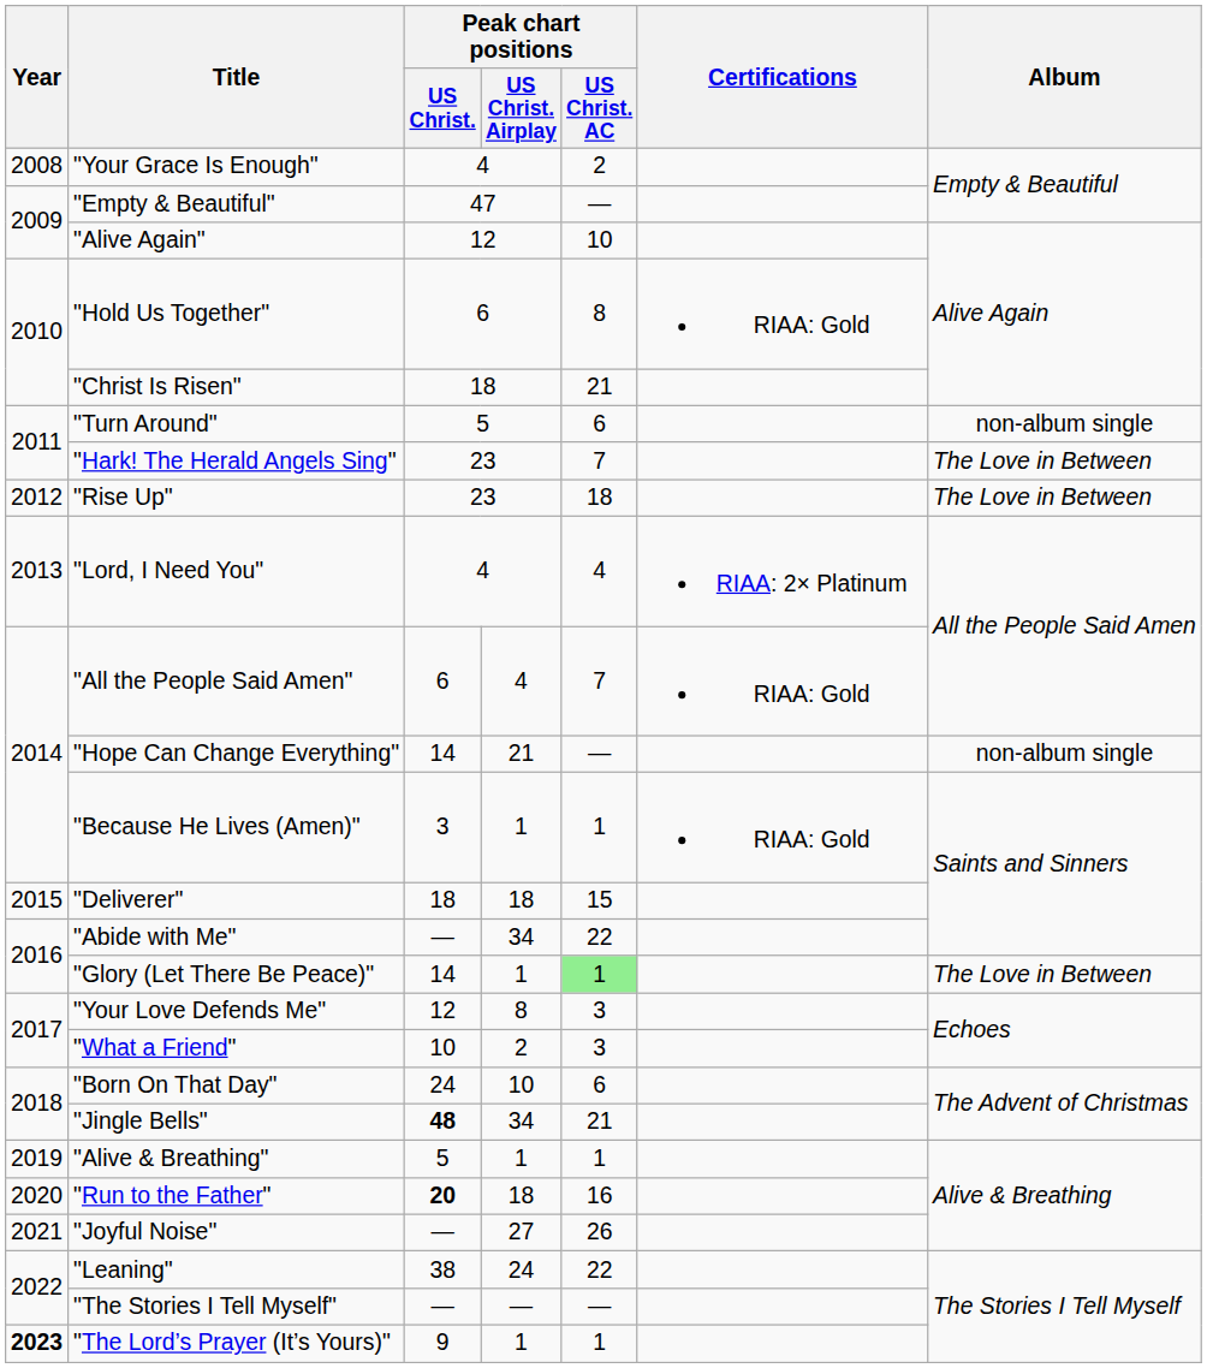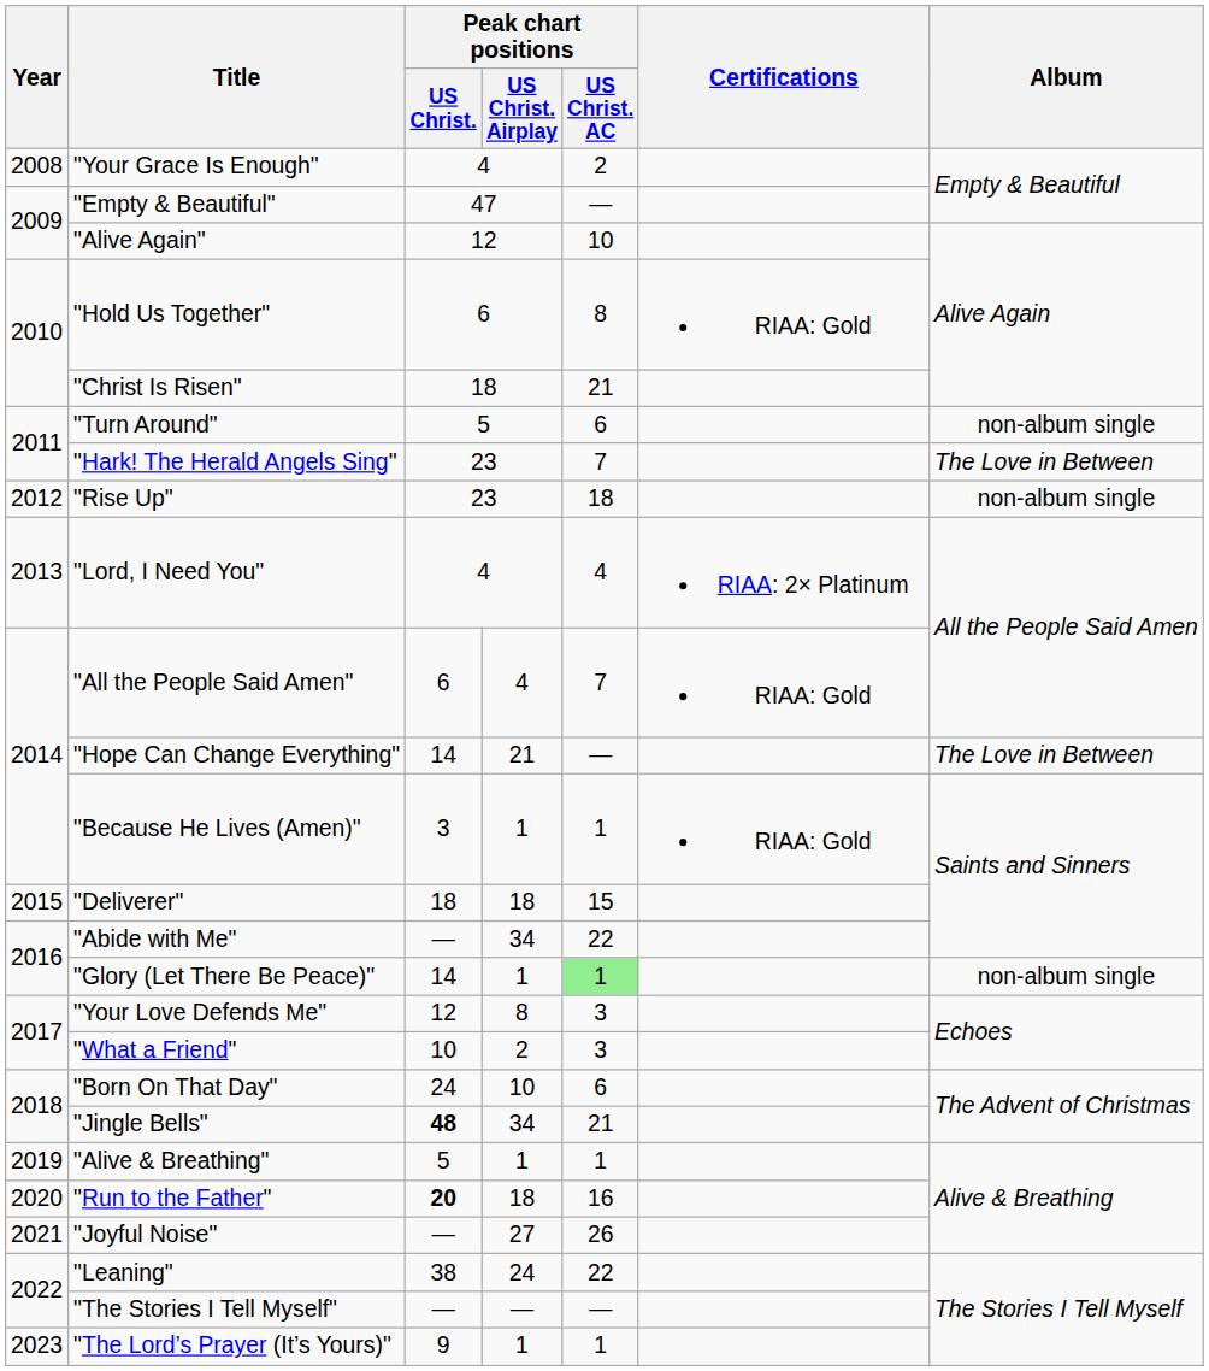 <table class="wikitable" style="text-align:center">
 <tr>
 <th rowspan="2">Year</th>
 <th rowspan="2">Title</th>
 <th colspan="3">Peak chart positions</th>
 <th scope="col" rowspan="2" style="width:12em;"><a href='#'>Certifications</a></th>
 <th rowspan="2">Album</th>
 </tr>
 <tr>
 <th scope="col" style="width:3em;font-size:90%;"><a href='#'>US<br>Christ.</a><br></th>
 <th scope="col" style="width:3em;font-size:90%;"><a href='#'>US<br>Christ.<br>Airplay</a><br></th>
 <th scope="col" style="width:3em;font-size:90%;"><a href='#'>US<br>Christ. AC</a><br></th>
 </tr>
 <tr>
 <td>2008</td>
 <td style="text-align:left">"Your Grace Is Enough"</td>
 <td colspan="2">4</td>
 <td>2</td>
 <td></td>
 <td rowspan="2" style="text-align:left"><em>Empty & Beautiful</em></td>
 </tr>
 <tr>
 <td rowspan="2">2009</td>
 <td style="text-align:left">"Empty & Beautiful"</td>
 <td colspan="2">47</td>
 <td>—</td>
 <td></td>
 </tr>
 <tr>
 <td style="text-align:left">"Alive Again"</td>
 <td colspan="2">12</td>
 <td>10</td>
 <td></td>
 <td rowspan="3" style="text-align:left"><em>Alive Again</em></td>
 </tr>
 <tr>
 <td rowspan="2">2010</td>
 <td style="text-align:left">"Hold Us Together"</td>
 <td colspan="2">6</td>
 <td>8</td>
 <td><br><ul><li>RIAA: Gold</li></ul></td>
 </tr>
 <tr>
 <td style="text-align:left">"Christ Is Risen"</td>
 <td colspan="2">18</td>
 <td>21</td>
 <td></td>
 </tr>
 <tr>
 <td rowspan="2">2011</td>
 <td style="text-align:left">"Turn Around"</td>
 <td colspan="2">5</td>
 <td>6</td>
 <td></td>
 <td>non-album single</td>
 </tr>
 <tr>
 <td style="text-align:left">"<a href='#'>Hark! The Herald Angels Sing</a>"</td>
 <td colspan="2">23</td>
 <td>7</td>
 <td></td>
 <td style="text-align:left"><em>The Love in Between</em></td>
 </tr>
 <tr>
 <td>2012</td>
 <td style="text-align:left">"Rise Up"</td>
 <td colspan="2">23</td>
 <td>18</td>
 <td></td>
-<td style="text-align:left"><em>The Love in Between</em></td>
+<td>non-album single</td>
 </tr>
 <tr>
 <td>2013</td>
 <td style="text-align:left">"Lord, I Need You"</td>
 <td colspan="2">4</td>
 <td>4</td>
 <td><br><ul><li><a href='#'>RIAA</a>: 2× Platinum</li></ul></td>
 <td rowspan="2" style="text-align:left"><em>All the People Said Amen</em></td>
 </tr>
 <tr>
 <td rowspan="3" style="text-align:left">2014</td>
 <td style="text-align:left">"All the People Said Amen"</td>
 <td>6</td>
 <td>4</td>
 <td>7</td>
 <td><br><ul><li>RIAA: Gold</li></ul></td>
 </tr>
 <tr>
 <td style="text-align:left">"Hope Can Change Everything"<br></td>
 <td>14</td>
 <td>21</td>
 <td>—</td>
 <td></td>
-<td>non-album single</td>
+<td style="text-align:left"><em>The Love in Between</em></td>
 </tr>
 <tr>
 <td style="text-align:left">"Because He Lives (Amen)"</td>
 <td>3</td>
 <td>1</td>
 <td>1</td>
 <td><br><ul><li>RIAA: Gold</li></ul></td>
 <td rowspan="3" style="text-align:left"><em>Saints and Sinners</em></td>
 </tr>
 <tr>
 <td>2015</td>
 <td style="text-align:left">"Deliverer"</td>
 <td>18</td>
 <td>18</td>
 <td>15</td>
 <td></td>
 </tr>
 <tr>
 <td rowspan="2" style="text-align:left">2016</td>
 <td style="text-align:left">"Abide with Me"</td>
 <td>—</td>
 <td>34</td>
 <td>22</td>
 <td></td>
 </tr>
 <tr>
 <td style="text-align:left">"Glory (Let There Be Peace)"</td>
 <td>14</td>
 <td>1</td>
 <td style="background: lightgreen;">1</td>
 <td></td>
-<td style="text-align:left"><em>The Love in Between</em></td>
+<td>non-album single</td>
 </tr>
 <tr>
 <td rowspan="2" style="text-align:left">2017</td>
 <td style="text-align:left">"Your Love Defends Me"</td>
 <td>12</td>
 <td>8</td>
 <td>3</td>
 <td></td>
 <td rowspan="2" style="text-align:left"><em>Echoes</em></td>
 </tr>
 <tr>
 <td style="text-align:left">"<a href='#'>What a Friend</a>"</td>
 <td>10</td>
 <td>2</td>
 <td>3</td>
 <td></td>
 </tr>
 <tr>
 <td rowspan="2" style="text-align:left">2018</td>
 <td style="text-align:left">"Born On That Day"</td>
 <td>24</td>
 <td>10</td>
 <td>6</td>
 <td></td>
 <td rowspan="2" style="text-align:left"><em>The Advent of Christmas</em></td>
 </tr>
 <tr>
 <td style="text-align:left">"Jingle Bells"</td>
 <td><strong>48</strong></td>
 <td>34</td>
 <td>21</td>
 <td></td>
 </tr>
 <tr>
 <td align="left">2019</td>
 <td align="left">"Alive & Breathing"<br></td>
 <td>5</td>
 <td>1</td>
 <td>1</td>
 <td></td>
 <td align="left" rowspan="3"><em>Alive & Breathing</em></td>
 </tr>
 <tr>
 <td align="left">2020</td>
 <td align="left">"<a href='#'>Run to the Father</a>"</td>
 <td><strong>20</strong></td>
 <td>18</td>
 <td>16</td>
 <td></td>
 </tr>
 <tr>
 <td align="left">2021</td>
 <td align="left">"Joyful Noise"</td>
 <td>—</td>
 <td>27</td>
 <td>26</td>
 <td></td>
 </tr>
 <tr>
 <td align="left" rowspan="2">2022</td>
 <td align="left">"Leaning"<br></td>
 <td>38</td>
 <td>24</td>
 <td>22</td>
 <td></td>
 <td align="left" rowspan="3"><em>The Stories I Tell Myself</em></td>
 </tr>
 <tr>
 <td align="left">"The Stories I Tell Myself"</td>
 <td>—</td>
 <td>—</td>
 <td>—</td>
 <td></td>
 </tr>
 <tr>
-<td align="left" rowspan="1"><strong>2023</strong></td>
+<td align="left" rowspan="1">2023</td>
 <td align="left">"<a href='#'>The Lord’s Prayer</a> (It’s Yours)"</td>
 <td>9</td>
 <td>1</td>
 <td>1</td>
 <td></td>
 </tr>
 <tr>
 </tr>
 </table>
